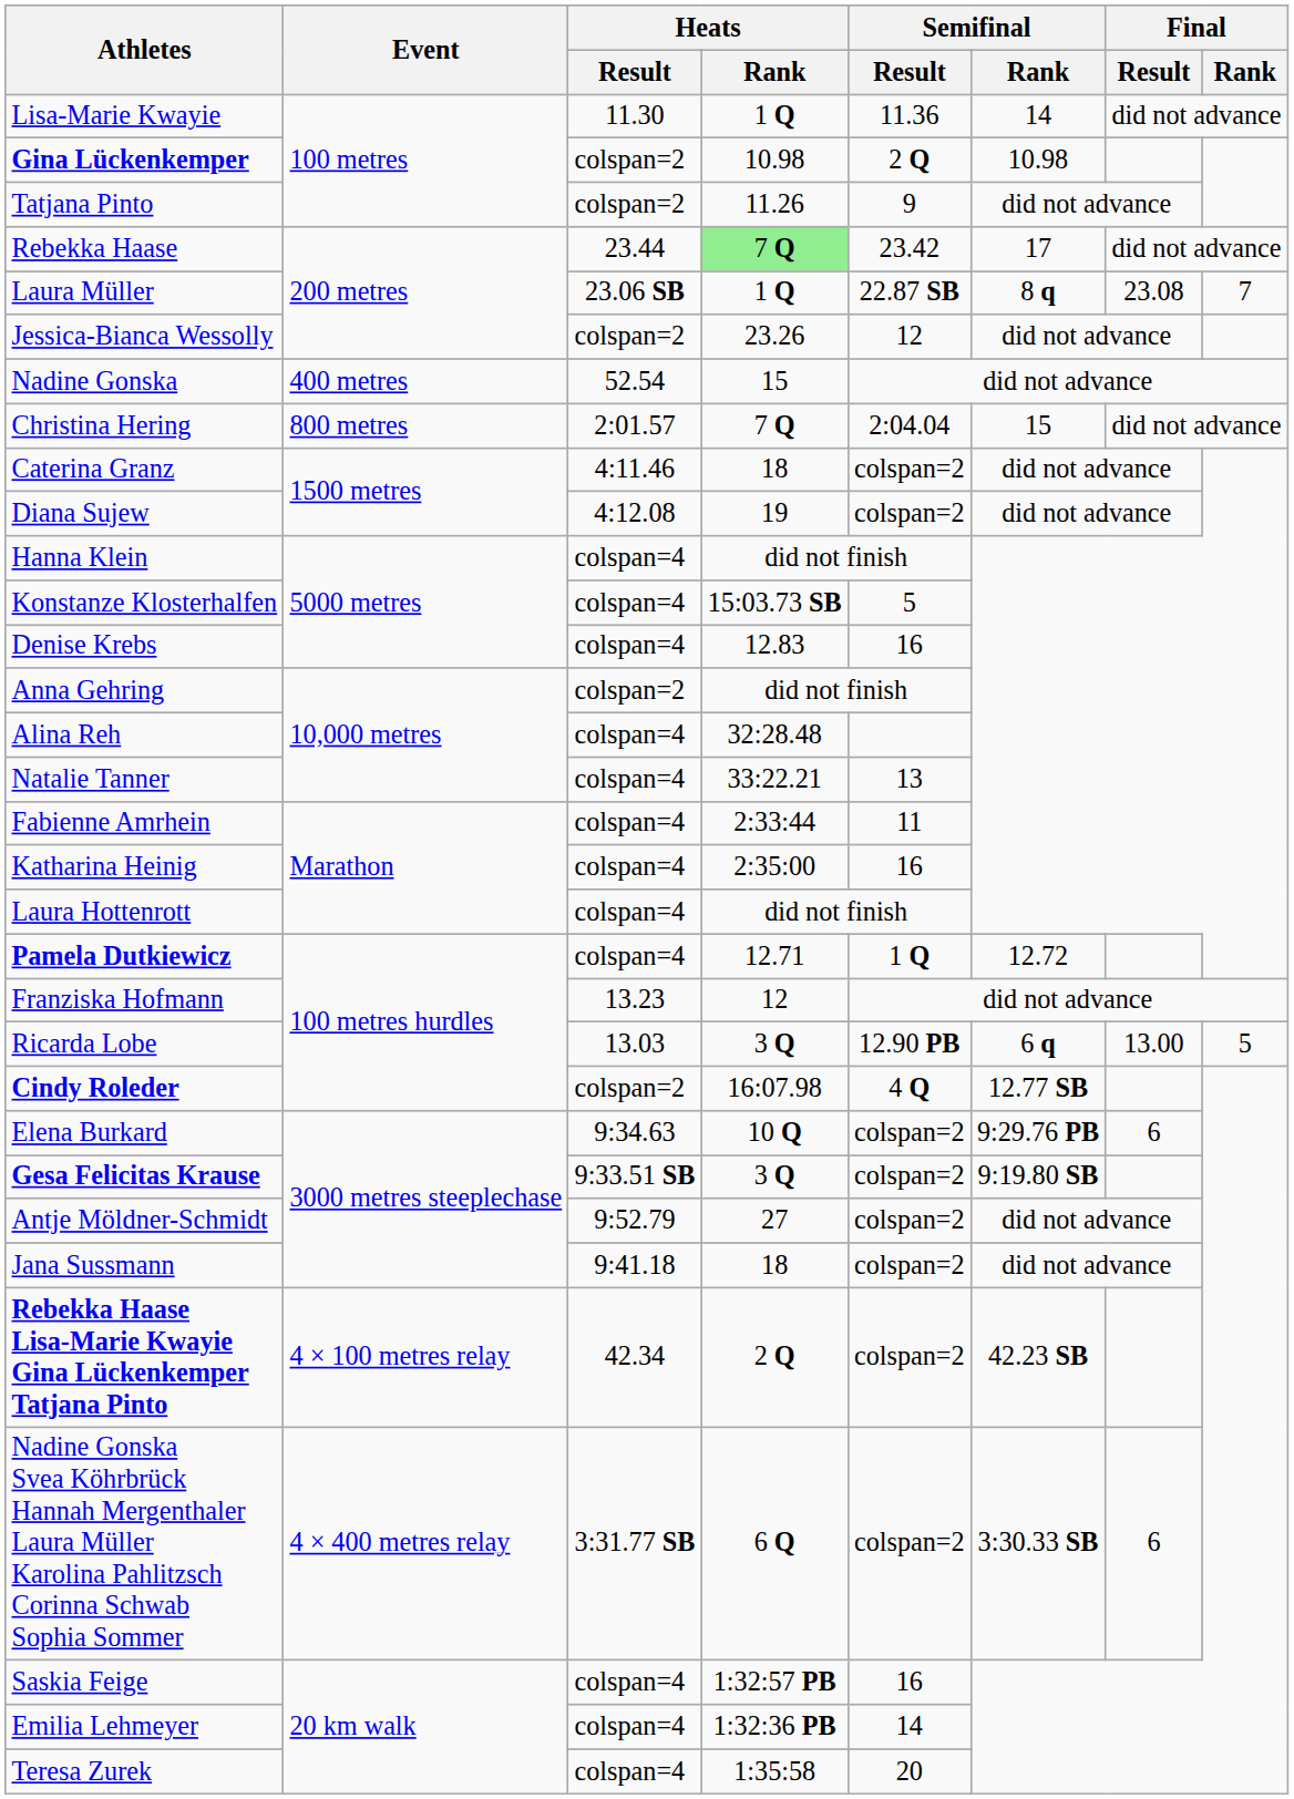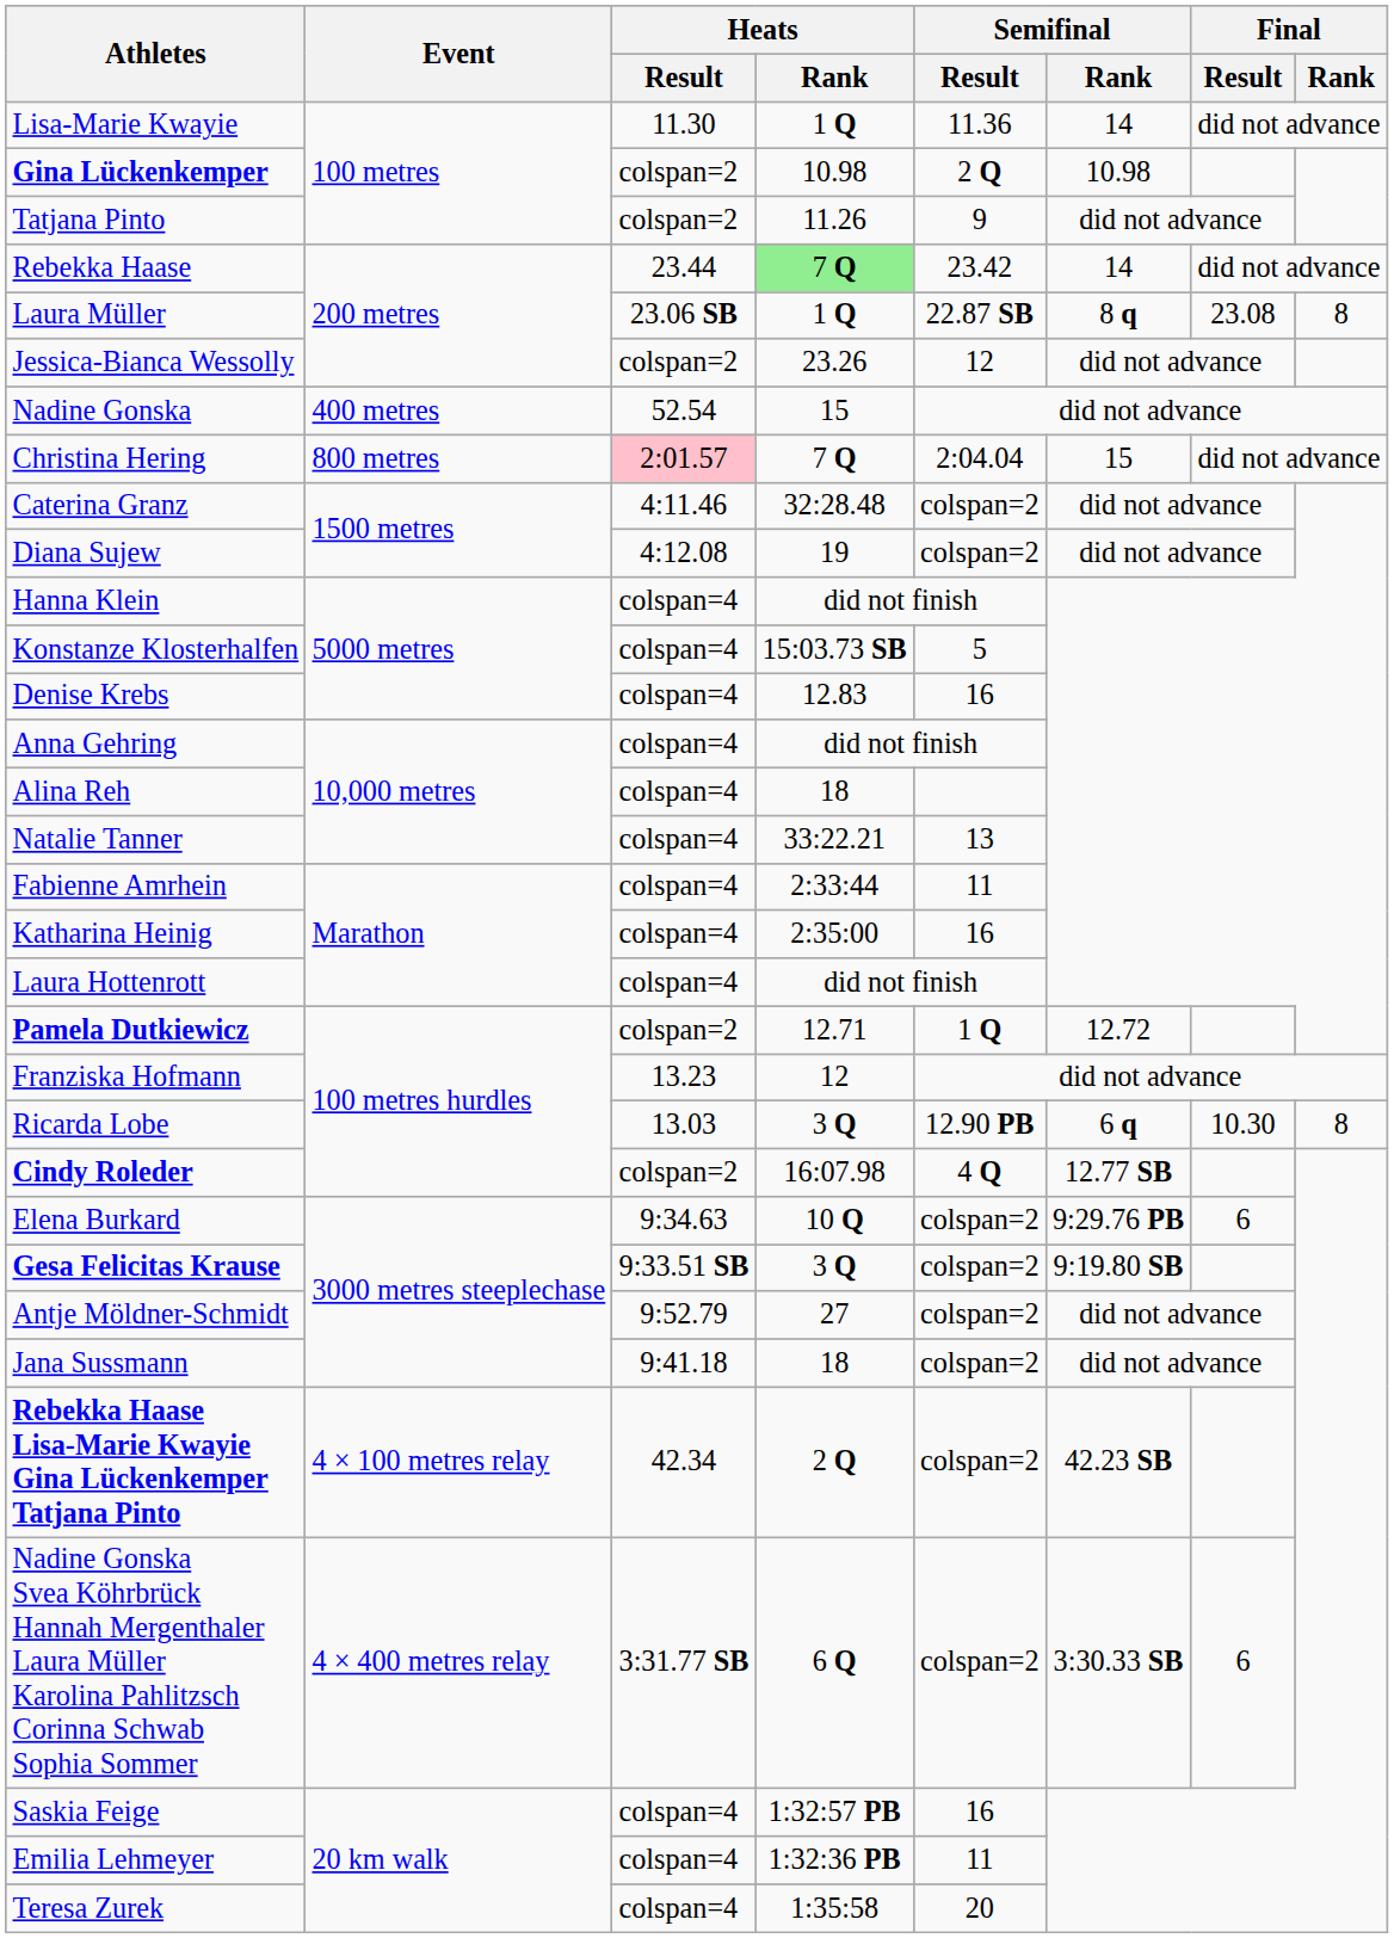 <table class="wikitable" border="1" style="font-size:90%">
 <tr>
 <th rowspan="2">Athletes</th>
 <th rowspan="2">Event</th>
 <th colspan="2">Heats</th>
 <th colspan="2">Semifinal</th>
 <th colspan="2">Final</th>
 </tr>
 <tr>
 <th>Result</th>
 <th>Rank</th>
 <th>Result</th>
 <th>Rank</th>
 <th>Result</th>
 <th>Rank</th>
 </tr>
 <tr>
 <td><a href='#'>Lisa-Marie Kwayie</a></td>
 <td rowspan=3><a href='#'>100 metres</a></td>
 <td align=center>11.30</td>
 <td align=center>1 <strong>Q</strong></td>
 <td align=center>11.36</td>
 <td align=center>14</td>
 <td align=center colspan=2>did not advance</td>
 </tr>
 <tr>
 <td><strong><a href='#'>Gina Lückenkemper</a></strong></td>
 <td>colspan=2</td>
 <td align=center>10.98</td>
 <td align=center>2 <strong>Q</strong></td>
 <td align=center>10.98</td>
 <td align=center></td>
 </tr>
 <tr>
 <td><a href='#'>Tatjana Pinto</a></td>
 <td>colspan=2</td>
 <td align=center>11.26</td>
 <td align=center>9</td>
 <td align=center colspan=2>did not advance</td>
 </tr>
 <tr>
 <td><a href='#'>Rebekka Haase</a></td>
 <td rowspan=3><a href='#'>200 metres</a></td>
 <td align=center>23.44</td>
 <td align=center style="background: lightgreen;">7 <strong>Q</strong></td>
 <td align=center>23.42</td>
-<td align=center>17</td>
+<td align=center>14</td>
 <td align=center colspan=2>did not advance</td>
 </tr>
 <tr>
 <td><a href='#'>Laura Müller</a></td>
 <td align=center>23.06 <strong>SB</strong></td>
 <td align=center>1 <strong>Q</strong></td>
 <td align=center>22.87 <strong>SB</strong></td>
 <td align=center>8 <strong>q</strong></td>
 <td align=center>23.08</td>
-<td align=center>7</td>
+<td align=center>8</td>
 </tr>
 <tr>
 <td><a href='#'>Jessica-Bianca Wessolly</a></td>
 <td>colspan=2</td>
 <td align=center>23.26</td>
 <td align=center>12</td>
 <td align=center colspan=2>did not advance</td>
 </tr>
 <tr>
 <td><a href='#'>Nadine Gonska</a></td>
 <td><a href='#'>400 metres</a></td>
 <td align=center>52.54</td>
 <td align=center>15</td>
 <td align=center colspan=4>did not advance</td>
 </tr>
 <tr>
 <td><a href='#'>Christina Hering</a></td>
 <td><a href='#'>800 metres</a></td>
-<td align=center>2:01.57</td>
+<td align=center style="background: pink;">2:01.57</td>
 <td align=center>7 <strong>Q</strong></td>
 <td align=center>2:04.04</td>
 <td align=center>15</td>
 <td align=center colspan=2>did not advance</td>
 </tr>
 <tr>
 <td><a href='#'>Caterina Granz</a></td>
 <td rowspan=2><a href='#'>1500 metres</a></td>
 <td align=center>4:11.46</td>
-<td align=center>18</td>
+<td align=center>32:28.48</td>
 <td>colspan=2 </td>
 <td align=center colspan=2>did not advance</td>
 </tr>
 <tr>
 <td><a href='#'>Diana Sujew</a></td>
 <td align=center>4:12.08</td>
 <td align=center>19</td>
 <td>colspan=2 </td>
 <td align=center colspan=2>did not advance</td>
 </tr>
 <tr>
 <td><a href='#'>Hanna Klein</a></td>
 <td rowspan=3><a href='#'>5000 metres</a></td>
 <td>colspan=4 </td>
 <td align=center colspan=2>did not finish</td>
 </tr>
 <tr>
 <td><a href='#'>Konstanze Klosterhalfen</a></td>
 <td>colspan=4 </td>
 <td align=center>15:03.73 <strong>SB</strong></td>
 <td align=center>5</td>
 </tr>
 <tr>
 <td><a href='#'>Denise Krebs</a></td>
 <td>colspan=4 </td>
 <td align=center>12.83</td>
 <td align=center>16</td>
 </tr>
 <tr>
 <td><a href='#'>Anna Gehring</a></td>
 <td rowspan=3><a href='#'>10,000 metres</a></td>
-<td>colspan=2</td>
+<td>colspan=4 </td>
 <td align=center colspan=2>did not finish</td>
 </tr>
 <tr>
 <td><a href='#'>Alina Reh</a></td>
 <td>colspan=4 </td>
-<td align=center>32:28.48</td>
+<td align=center>18</td>
 <td align=center></td>
 </tr>
 <tr>
 <td><a href='#'>Natalie Tanner</a></td>
 <td>colspan=4 </td>
 <td align=center>33:22.21</td>
 <td align=center>13</td>
 </tr>
 <tr>
 <td><a href='#'>Fabienne Amrhein</a></td>
 <td rowspan=3><a href='#'>Marathon</a></td>
 <td>colspan=4 </td>
 <td align=center>2:33:44</td>
 <td align=center>11</td>
 </tr>
 <tr>
 <td><a href='#'>Katharina Heinig</a></td>
 <td>colspan=4 </td>
 <td align=center>2:35:00</td>
 <td align=center>16</td>
 </tr>
 <tr>
 <td><a href='#'>Laura Hottenrott</a></td>
 <td>colspan=4 </td>
 <td align=center colspan=2>did not finish</td>
 </tr>
 <tr>
 <td><strong><a href='#'>Pamela Dutkiewicz</a></strong></td>
 <td rowspan=4><a href='#'>100 metres hurdles</a></td>
-<td>colspan=4 </td>
+<td>colspan=2</td>
 <td align=center>12.71</td>
 <td align=center>1 <strong>Q</strong></td>
 <td align=center>12.72</td>
 <td align=center></td>
 </tr>
 <tr>
 <td><a href='#'>Franziska Hofmann</a></td>
 <td align=center>13.23</td>
 <td align=center>12</td>
 <td align=center colspan=4>did not advance</td>
 </tr>
 <tr>
 <td><a href='#'>Ricarda Lobe</a></td>
 <td align=center>13.03</td>
 <td align=center>3 <strong>Q</strong></td>
 <td align=center>12.90 <strong>PB</strong></td>
 <td align=center>6 <strong>q</strong></td>
-<td align=center>13.00</td>
-<td align=center>5</td>
+<td align=center>10.30</td>
+<td align=center>8</td>
 </tr>
 <tr>
 <td><strong><a href='#'>Cindy Roleder</a></strong></td>
 <td>colspan=2</td>
 <td align=center>16:07.98</td>
 <td align=center>4 <strong>Q</strong></td>
 <td align=center>12.77 <strong>SB</strong></td>
 <td align=center></td>
 </tr>
 <tr>
 <td><a href='#'>Elena Burkard</a></td>
 <td rowspan=4><a href='#'>3000 metres steeplechase</a></td>
 <td align=center>9:34.63</td>
 <td align=center>10 <strong>Q</strong></td>
 <td>colspan=2 </td>
 <td align=center>9:29.76 <strong>PB</strong></td>
 <td align=center>6</td>
 </tr>
 <tr>
 <td><strong><a href='#'>Gesa Felicitas Krause</a></strong></td>
 <td align=center>9:33.51 <strong>SB</strong></td>
 <td align=center>3 <strong>Q</strong></td>
 <td>colspan=2 </td>
 <td align=center>9:19.80 <strong>SB</strong></td>
 <td align=center></td>
 </tr>
 <tr>
 <td><a href='#'>Antje Möldner-Schmidt</a></td>
 <td align=center>9:52.79</td>
 <td align=center>27</td>
 <td>colspan=2 </td>
 <td align=center colspan=2>did not advance</td>
 </tr>
 <tr>
 <td><a href='#'>Jana Sussmann</a></td>
 <td align=center>9:41.18</td>
 <td align=center>18</td>
 <td>colspan=2 </td>
 <td align=center colspan=2>did not advance</td>
 </tr>
 <tr>
 <td><strong><a href='#'>Rebekka Haase</a><br><a href='#'>Lisa-Marie Kwayie</a><br><a href='#'>Gina Lückenkemper</a><br><a href='#'>Tatjana Pinto</a></strong></td>
 <td><a href='#'>4 × 100 metres relay</a></td>
 <td align=center>42.34</td>
 <td align=center>2 <strong>Q</strong></td>
 <td>colspan=2 </td>
 <td align=center>42.23 <strong>SB</strong></td>
 <td align=center></td>
 </tr>
 <tr>
 <td><a href='#'>Nadine Gonska</a><br><a href='#'>Svea Köhrbrück</a><br><a href='#'>Hannah Mergenthaler</a><br><a href='#'>Laura Müller</a><br><a href='#'>Karolina Pahlitzsch</a><br><a href='#'>Corinna Schwab</a><br><a href='#'>Sophia Sommer</a></td>
 <td><a href='#'>4 × 400 metres relay</a></td>
 <td align=center>3:31.77 <strong>SB</strong></td>
 <td align=center>6 <strong>Q</strong></td>
 <td>colspan=2 </td>
 <td align=center>3:30.33 <strong>SB</strong></td>
 <td align=center>6</td>
 </tr>
 <tr>
 <td><a href='#'>Saskia Feige</a></td>
 <td rowspan=3><a href='#'>20 km walk</a></td>
 <td>colspan=4 </td>
 <td align=center>1:32:57 <strong>PB</strong></td>
 <td align=center>16</td>
 </tr>
 <tr>
 <td><a href='#'>Emilia Lehmeyer</a></td>
 <td>colspan=4 </td>
 <td align=center>1:32:36 <strong>PB</strong></td>
-<td align=center>14</td>
+<td align=center>11</td>
 </tr>
 <tr>
 <td><a href='#'>Teresa Zurek</a></td>
 <td>colspan=4 </td>
 <td align=center>1:35:58</td>
 <td align=center>20</td>
 </tr>
 </table>
